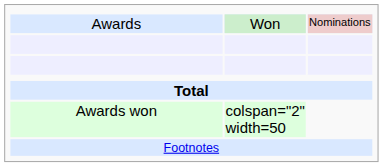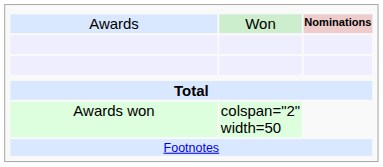 <table class="infobox" style="width: 25em; text-align: left; font-size: 90%; vertical-align: middle;">
 <tr>
 <td colspan="3" style="text-align:center;"></td>
 </tr>
 <tr bgcolor=#D9E8FF>
 <td style="text-align:center;">Awards</td>
 <td style="text-align:center;background: #cceecc;text-size:0.9em" width=50>Won</td>
-<td style="background:#eecccc; font-size:8pt;" width="60px">Nominations</td>
+<td style="background:#eecccc; font-size:8pt;" width="60px"><strong>Nominations</strong></td>
 </tr>
 <tr bgcolor=#eeeeff>
 <td align="center"><br></td>
 <td></td>
 <td></td>
 </tr>
 <tr bgcolor=#eeeeff>
 <td align="center"><br></td>
 <td></td>
 <td></td>
 </tr>
 <tr bgcolor=#eeeeff>
 </tr>
 <tr bgcolor=#eeeeff>
 </tr>
 <tr bgcolor=#D9E8FF>
 <td colspan="3" style="text-align:center;"><strong>Total</strong></td>
 </tr>
 <tr bgcolor=#ddffdd>
 <td style="text-align:center;">Awards won</td>
 <td>colspan="2" width=50 </td>
 </tr>
 <tr bgcolor=#D9E8FF>
 <td colspan="3" style="font-size: smaller; text-align:center;"><a href='#'>Footnotes</a></td>
 </tr>
 </table>
